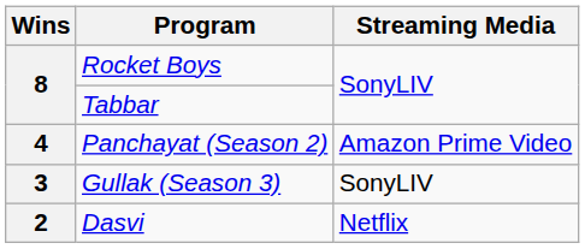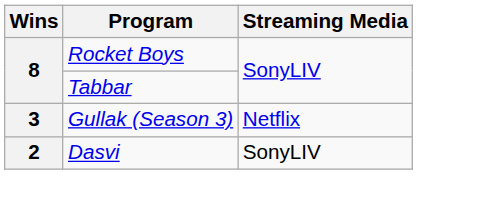 <table class="wikitable" style="display:inline-table;">
 <tr>
 <th>Wins</th>
 <th>Program</th>
 <th>Streaming Media</th>
 </tr>
 <tr>
 <th rowspan="2">8</th>
 <td><a href='#'><em>Rocket Boys</em></a></td>
 <td rowspan="2"><a href='#'>SonyLIV</a></td>
 </tr>
 <tr>
 <td><em><a href='#'>Tabbar</a></em></td>
 </tr>
 <tr>
-<th>4</th>
-<td><em><a href='#'>Panchayat (Season 2)</a></em></td>
-<td><a href='#'>Amazon Prime Video</a></td>
-</tr>
-<tr>
 <th>3</th>
 <td><a href='#'><em>Gullak (Season 3)</em></a></td>
-<td>SonyLIV</td>
+<td><a href='#'>Netflix</a></td>
 </tr>
 <tr>
 <th>2</th>
 <td><em><a href='#'>Dasvi</a></em></td>
-<td><a href='#'>Netflix</a></td>
+<td>SonyLIV</td>
 </tr>
 </table>
